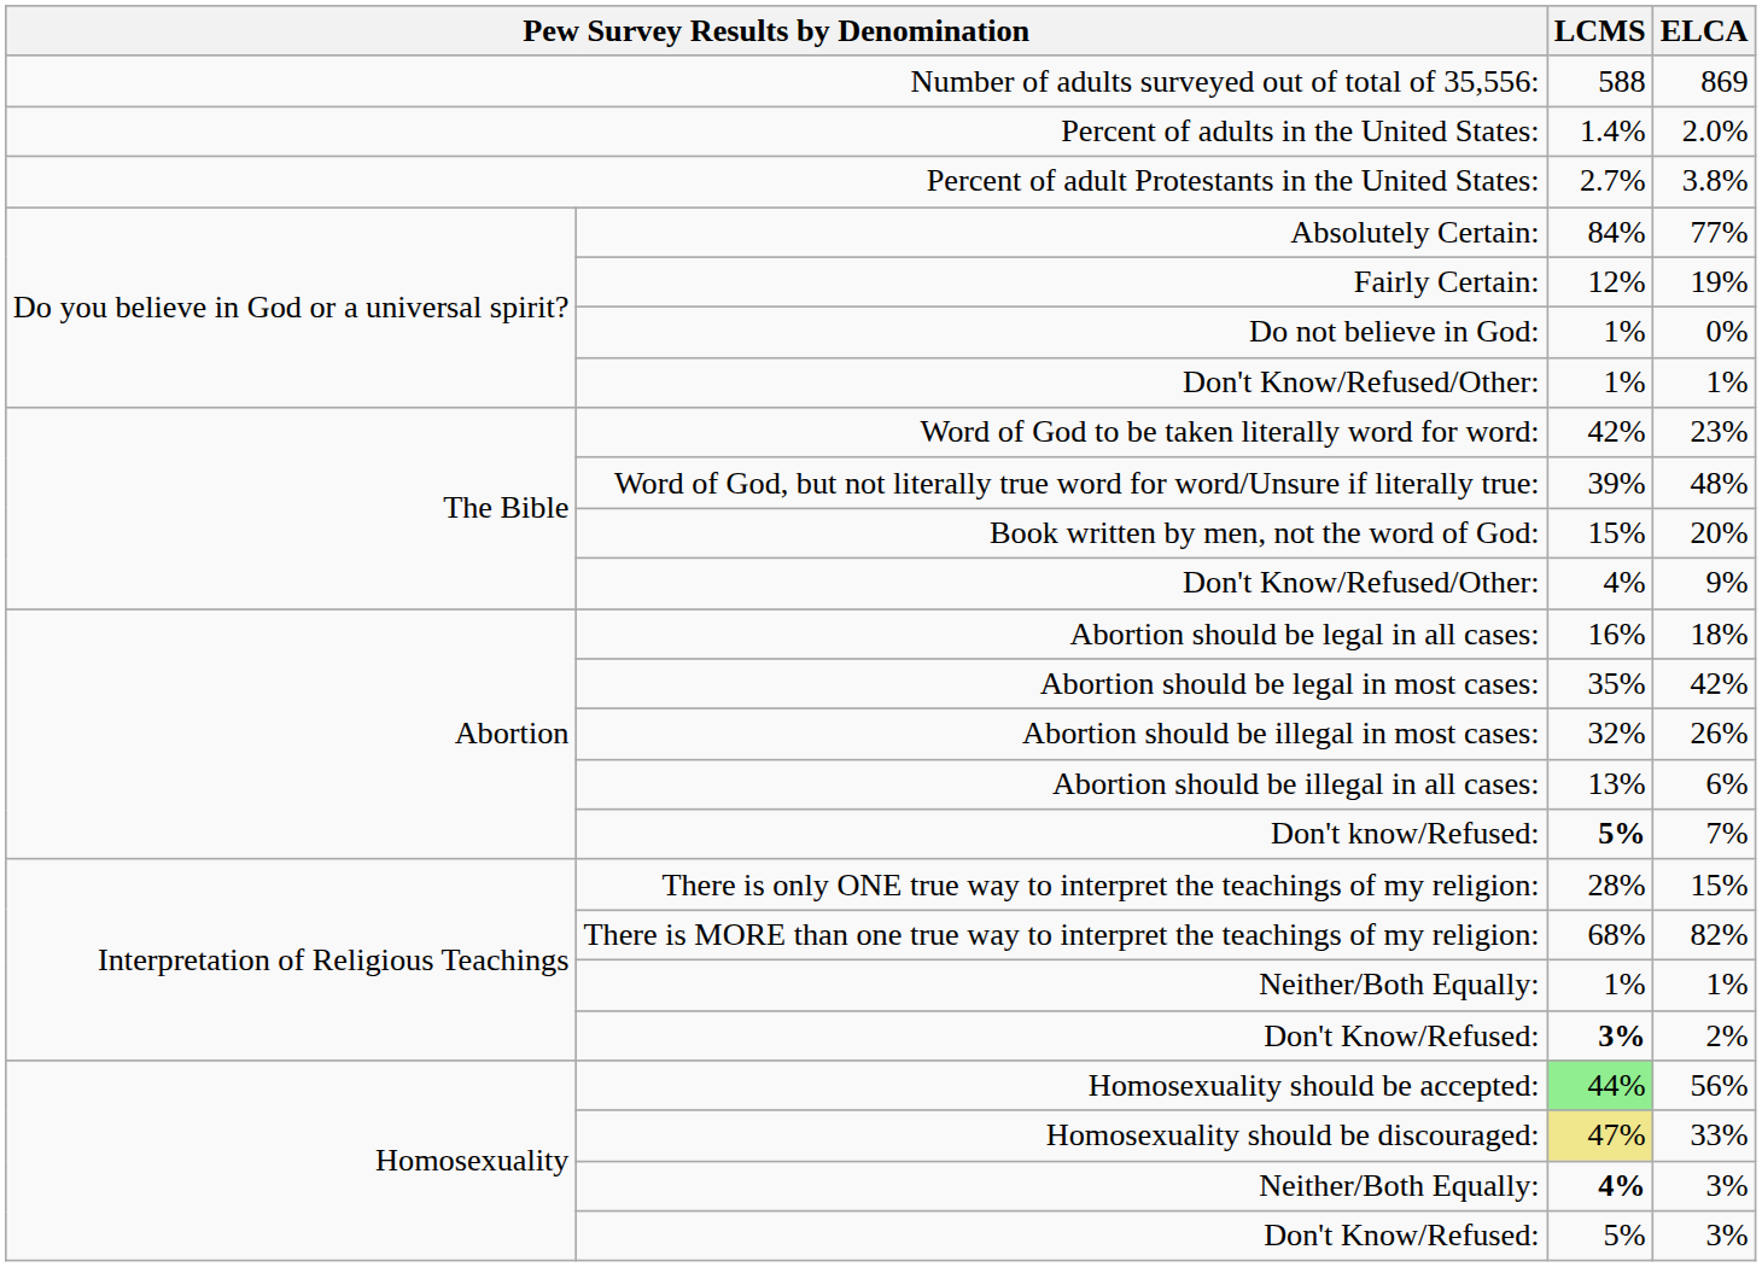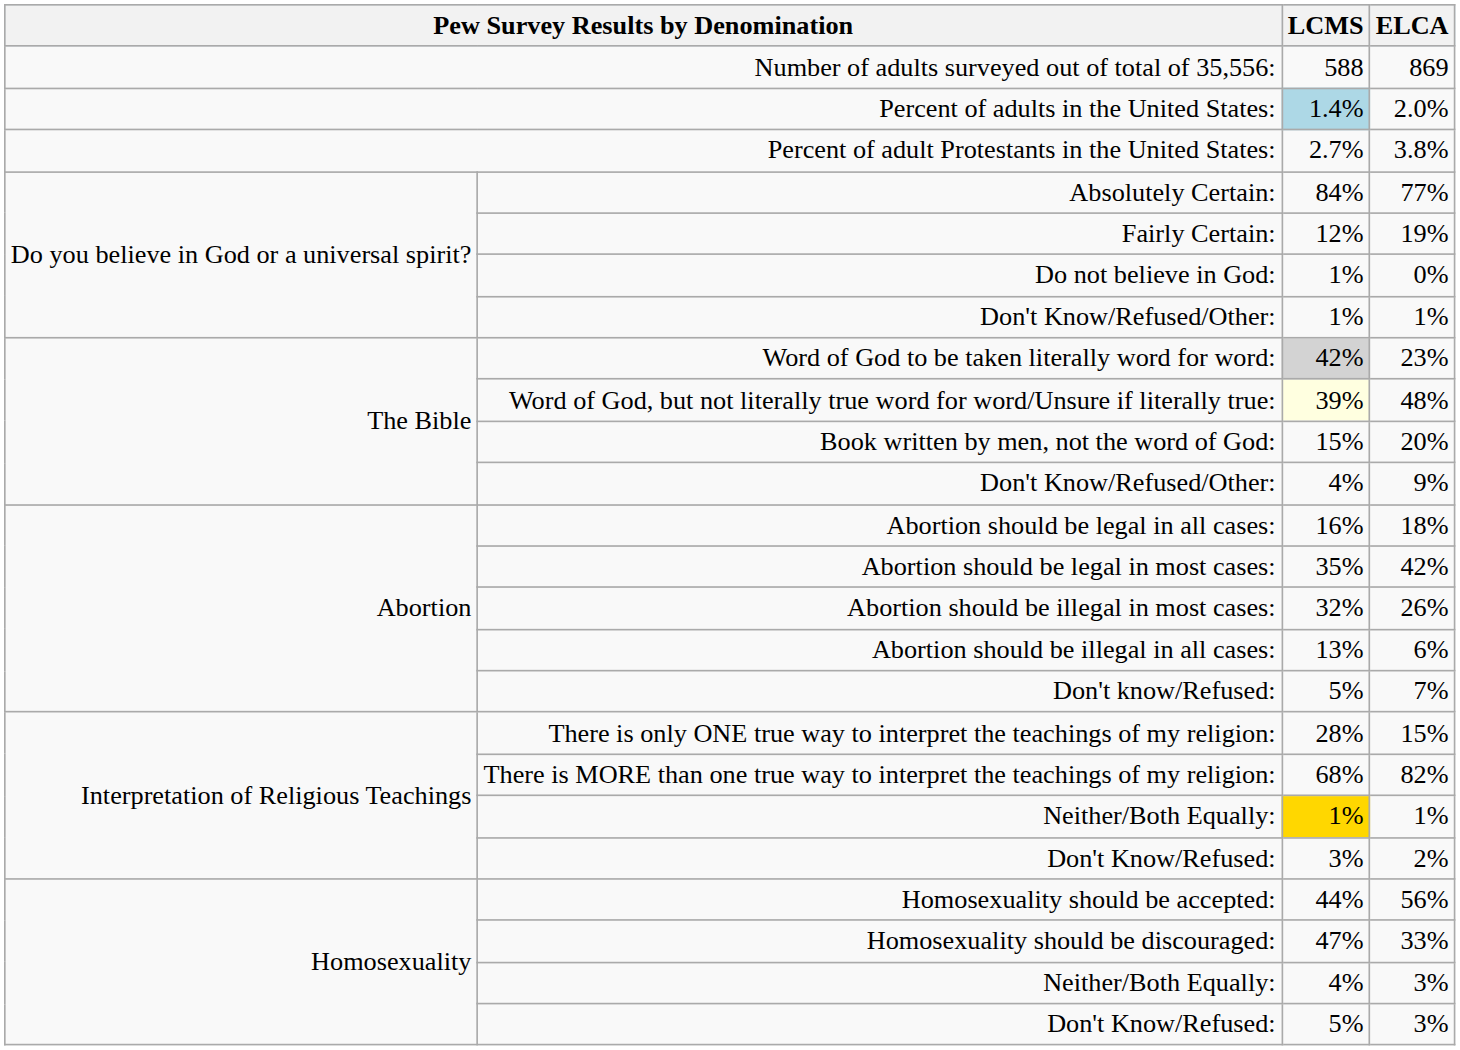 <table class="wikitable collapsible collapsed" border="1" style="text-align: right;">
 <tr style="text-align:center; background:#d8edff;">
 <th colspan="2">Pew Survey Results by Denomination</th>
 <th>LCMS</th>
 <th>ELCA</th>
 </tr>
 <tr>
 <td colspan="2">Number of adults surveyed out of total of 35,556:</td>
 <td>588</td>
 <td>869</td>
 </tr>
 <tr>
 <td colspan="2">Percent of adults in the United States:</td>
-<td>1.4%</td>
+<td style="background: lightblue;">1.4%</td>
 <td>2.0%</td>
 </tr>
 <tr>
 <td colspan="2">Percent of adult Protestants in the United States:</td>
 <td>2.7%</td>
 <td>3.8%</td>
 </tr>
 <tr>
 <td rowspan="4">Do you believe in God or a universal spirit?</td>
 <td>Absolutely Certain:</td>
 <td>84%</td>
 <td>77%</td>
 </tr>
 <tr>
 <td>Fairly Certain:</td>
 <td>12%</td>
 <td>19%</td>
 </tr>
 <tr>
 <td>Do not believe in God:</td>
 <td>1%</td>
 <td>0%</td>
 </tr>
 <tr>
 <td>Don't Know/Refused/Other:</td>
 <td>1%</td>
 <td>1%</td>
 </tr>
 <tr>
 <td rowspan="4">The Bible</td>
 <td>Word of God to be taken literally word for word:</td>
-<td>42%</td>
+<td style="background: lightgrey;">42%</td>
 <td>23%</td>
 </tr>
 <tr>
 <td>Word of God, but not literally true word for word/Unsure if literally true:</td>
-<td>39%</td>
+<td style="background: lightyellow;">39%</td>
 <td>48%</td>
 </tr>
 <tr>
 <td>Book written by men, not the word of God:</td>
 <td>15%</td>
 <td>20%</td>
 </tr>
 <tr>
 <td>Don't Know/Refused/Other:</td>
 <td>4%</td>
 <td>9%</td>
 </tr>
 <tr>
 <td rowspan="5">Abortion</td>
 <td>Abortion should be legal in all cases:</td>
 <td>16%</td>
 <td>18%</td>
 </tr>
 <tr>
 <td>Abortion should be legal in most cases:</td>
 <td>35%</td>
 <td>42%</td>
 </tr>
 <tr>
 <td>Abortion should be illegal in most cases:</td>
 <td>32%</td>
 <td>26%</td>
 </tr>
 <tr>
 <td>Abortion should be illegal in all cases:</td>
 <td>13%</td>
 <td>6%</td>
 </tr>
 <tr>
 <td>Don't know/Refused:</td>
-<td><strong>5%</strong></td>
+<td>5%</td>
 <td>7%</td>
 </tr>
 <tr>
 <td rowspan="4">Interpretation of Religious Teachings</td>
 <td>There is only ONE true way to interpret the teachings of my religion:</td>
 <td>28%</td>
 <td>15%</td>
 </tr>
 <tr>
 <td>There is MORE than one true way to interpret the teachings of my religion:</td>
 <td>68%</td>
 <td>82%</td>
 </tr>
 <tr>
 <td>Neither/Both Equally:</td>
-<td>1%</td>
+<td style="background: gold;">1%</td>
 <td>1%</td>
 </tr>
 <tr>
 <td>Don't Know/Refused:</td>
-<td><strong>3%</strong></td>
+<td>3%</td>
 <td>2%</td>
 </tr>
 <tr>
 <td rowspan="4">Homosexuality</td>
 <td>Homosexuality should be accepted:</td>
-<td style="background: lightgreen;">44%</td>
+<td>44%</td>
 <td>56%</td>
 </tr>
 <tr>
 <td>Homosexuality should be discouraged:</td>
-<td style="background: khaki;">47%</td>
+<td>47%</td>
 <td>33%</td>
 </tr>
 <tr>
 <td>Neither/Both Equally:</td>
-<td><strong>4%</strong></td>
+<td>4%</td>
 <td>3%</td>
 </tr>
 <tr>
 <td>Don't Know/Refused:</td>
 <td>5%</td>
 <td>3%</td>
 </tr>
 </table>
